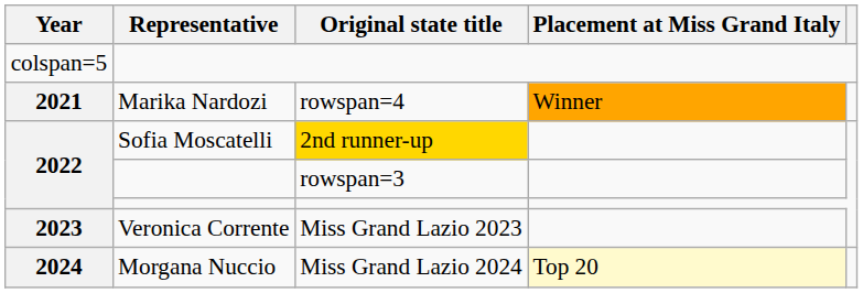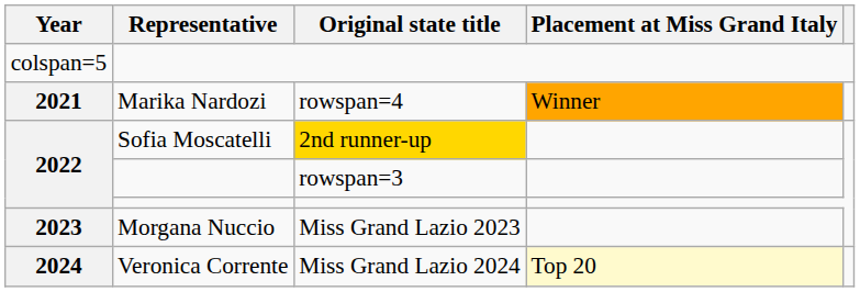 <table class="wikitable defaultcenter col2left" style="font-size:95%;">
 <tr>
 <th>Year</th>
 <th>Representative</th>
 <th>Original state title</th>
 <th>Placement at Miss Grand Italy</th>
 <th></th>
 </tr>
 <tr>
 <td>colspan=5 </td>
 </tr>
 <tr>
 <th>2021</th>
 <td>Marika Nardozi</td>
 <td>rowspan=4 </td>
 <td bgcolor=orange>Winner</td>
 <td></td>
 </tr>
 <tr>
 <th rowspan=3>2022</th>
 <td>Sofia Moscatelli</td>
 <td bgcolor=gold>2nd runner-up</td>
 <td></td>
 </tr>
 <tr>
 <td></td>
 <td>rowspan=3 </td>
 <td></td>
 </tr>
 <tr>
 <td></td>
 <td></td>
 </tr>
 <tr>
 <th>2023</th>
-<td>Veronica Corrente</td>
+<td>Morgana Nuccio</td>
 <td>Miss Grand Lazio 2023</td>
 <td></td>
 </tr>
 <tr>
 <th>2024</th>
-<td>Morgana Nuccio</td>
+<td>Veronica Corrente</td>
 <td>Miss Grand Lazio 2024</td>
 <td bgcolor=#FFFACD>Top 20</td>
 <td></td>
 </tr>
 </table>
